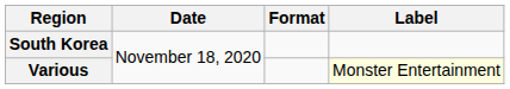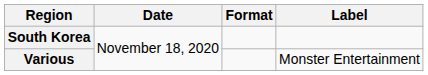 <table class="wikitable plainrowheaders">
 <tr>
 <th scope="col">Region</th>
 <th scope="col">Date</th>
 <th scope="col">Format</th>
 <th scope="col">Label</th>
 </tr>
 <tr>
 <th scope="row">South Korea</th>
 <td rowspan="2">November 18, 2020</td>
 <td></td>
 <td></td>
 </tr>
 <tr>
 <th scope="row">Various </th>
 <td></td>
-<td style="background: lightyellow;">Monster Entertainment</td>
+<td>Monster Entertainment</td>
 </tr>
 </table>
